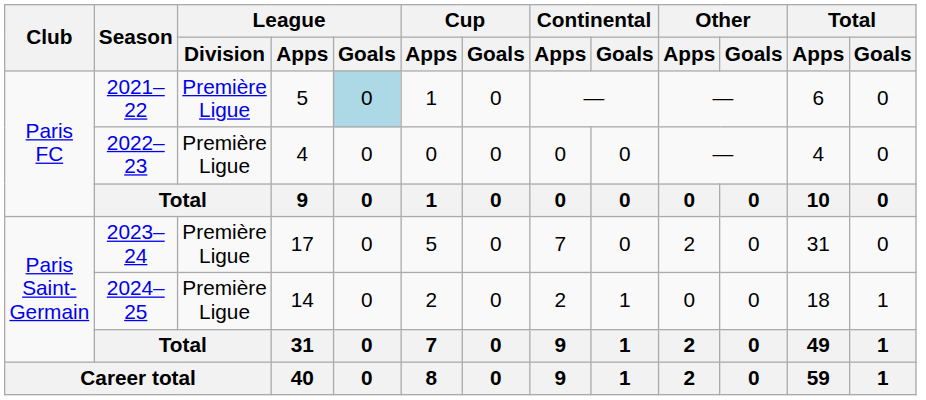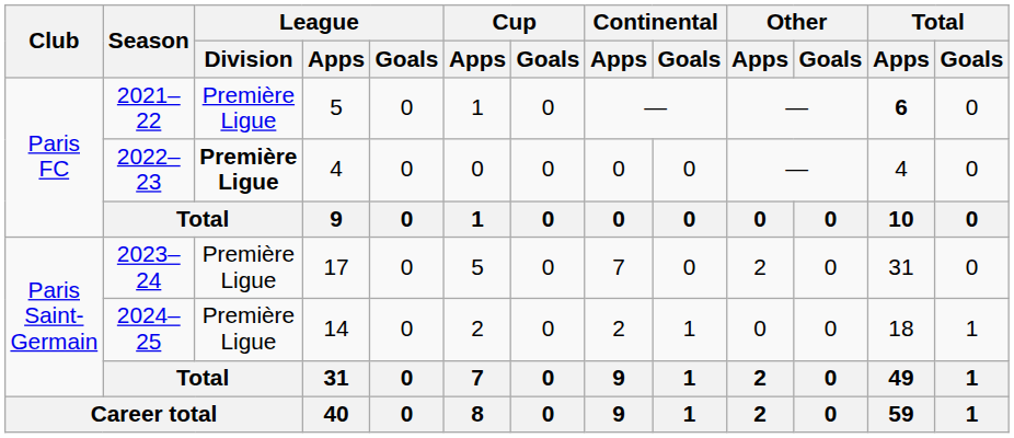 <table class="wikitable" style="text-align:center">
 <tr>
 <th rowspan="2">Club</th>
 <th rowspan="2">Season</th>
 <th colspan="3">League</th>
 <th colspan="2">Cup</th>
 <th colspan="2">Continental</th>
 <th colspan="2">Other</th>
 <th colspan="2">Total</th>
 </tr>
 <tr>
 <th>Division</th>
 <th>Apps</th>
 <th>Goals</th>
 <th>Apps</th>
 <th>Goals</th>
 <th>Apps</th>
 <th>Goals</th>
 <th>Apps</th>
 <th>Goals</th>
 <th>Apps</th>
 <th>Goals</th>
 </tr>
 <tr>
 <td rowspan="3"><a href='#'>Paris FC</a></td>
 <td><a href='#'>2021–22</a></td>
 <td><a href='#'>Première Ligue</a></td>
 <td>5</td>
-<td style="background: lightblue;">0</td>
+<td>0</td>
 <td>1</td>
 <td>0</td>
 <td colspan="2">—</td>
 <td colspan="2">—</td>
-<td>6</td>
+<td><strong>6</strong></td>
 <td>0</td>
 </tr>
 <tr>
 <td><a href='#'>2022–23</a></td>
-<td>Première Ligue</td>
+<td><strong>Première Ligue</strong></td>
 <td>4</td>
 <td>0</td>
 <td>0</td>
 <td>0</td>
 <td>0</td>
 <td>0</td>
 <td colspan="2">—</td>
 <td>4</td>
 <td>0</td>
 </tr>
 <tr>
 <th colspan="2">Total</th>
 <th>9</th>
 <th>0</th>
 <th>1</th>
 <th>0</th>
 <th>0</th>
 <th>0</th>
 <th>0</th>
 <th>0</th>
 <th>10</th>
 <th>0</th>
 </tr>
 <tr>
 <td rowspan="3"><a href='#'>Paris Saint-Germain</a></td>
 <td><a href='#'>2023–24</a></td>
 <td>Première Ligue</td>
 <td>17</td>
 <td>0</td>
 <td>5</td>
 <td>0</td>
 <td>7</td>
 <td>0</td>
 <td>2</td>
 <td>0</td>
 <td>31</td>
 <td>0</td>
 </tr>
 <tr>
 <td><a href='#'>2024–25</a></td>
 <td>Première Ligue</td>
 <td>14</td>
 <td>0</td>
 <td>2</td>
 <td>0</td>
 <td>2</td>
 <td>1</td>
 <td>0</td>
 <td>0</td>
 <td>18</td>
 <td>1</td>
 </tr>
 <tr>
 <th colspan="2">Total</th>
 <th>31</th>
 <th>0</th>
 <th>7</th>
 <th>0</th>
 <th>9</th>
 <th>1</th>
 <th>2</th>
 <th>0</th>
 <th>49</th>
 <th>1</th>
 </tr>
 <tr>
 <th colspan="3">Career total</th>
 <th>40</th>
 <th>0</th>
 <th>8</th>
 <th>0</th>
 <th>9</th>
 <th>1</th>
 <th>2</th>
 <th>0</th>
 <th>59</th>
 <th>1</th>
 </tr>
 </table>
